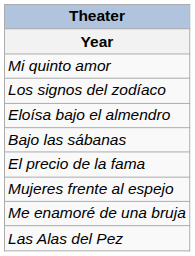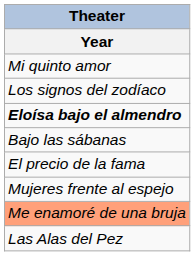 <table class="wikitable">
 <tr>
 <th colspan="2" style="background:LightSteelBlue;">Theater</th>
 </tr>
 <tr>
 <th>Year</th>
 </tr>
 <tr>
 <td><em>Mi quinto amor</em></td>
 </tr>
 <tr>
 <td><em>Los signos del zodíaco</em></td>
 </tr>
 <tr>
-<td><em>Eloísa bajo el almendro</em></td>
+<td><strong><em>Eloísa bajo el almendro</em></strong></td>
 </tr>
 <tr>
 <td><em>Bajo las sábanas</em></td>
 </tr>
 <tr>
 <td><em>El precio de la fama</em></td>
 </tr>
 <tr>
 <td><em>Mujeres frente al espejo</em></td>
 </tr>
 <tr>
-<td><em>Me enamoré de una bruja</em></td>
+<td style="background: lightsalmon;"><em>Me enamoré de una bruja</em></td>
 </tr>
 <tr>
 <td><em> Las Alas del Pez</em></td>
 </tr>
 </table>
